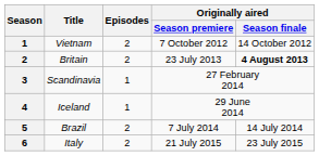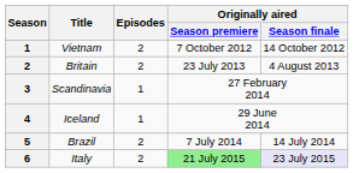 <table class="wikitable plainrowheaders" style="text-align: center; font-size:90%;">
 <tr>
 <th scope="col" rowspan="2">Season</th>
 <th scope="col" rowspan="2">Title</th>
 <th scope="col" rowspan="2">Episodes</th>
 <th scope="col" colspan="2">Originally aired</th>
 </tr>
 <tr>
 <th scope="col"><a href='#'>Season premiere</a></th>
 <th scope="col"><a href='#'>Season finale</a></th>
 </tr>
 <tr>
 <th>1</th>
 <td><em>Vietnam</em></td>
 <td>2</td>
 <td>7 October 2012</td>
 <td>14 October 2012</td>
 </tr>
 <tr>
 <th>2</th>
 <td><em>Britain</em></td>
 <td>2</td>
 <td>23 July 2013</td>
-<td><strong>4 August 2013</strong></td>
+<td>4 August 2013</td>
 </tr>
 <tr>
 <th>3</th>
 <td><em>Scandinavia</em></td>
 <td>1</td>
 <td colspan="2">27 February<br>2014</td>
 </tr>
 <tr>
 <th>4</th>
 <td><em>Iceland</em></td>
 <td>1</td>
 <td colspan="2">29 June<br>2014</td>
 </tr>
 <tr>
 <th>5</th>
 <td><em>Brazil</em></td>
 <td>2</td>
 <td>7 July 2014</td>
 <td>14 July 2014</td>
 </tr>
 <tr>
 <th>6</th>
 <td><em>Italy</em></td>
 <td>2</td>
-<td>21 July 2015</td>
-<td>23 July 2015</td>
+<td style="background: lightgreen;">21 July 2015</td>
+<td style="background: lavender;">23 July 2015</td>
 </tr>
 </table>
